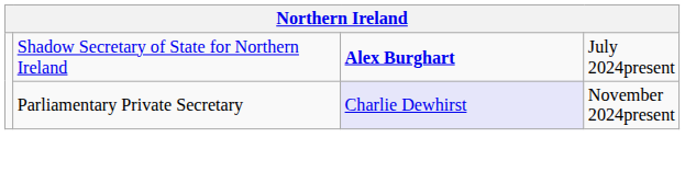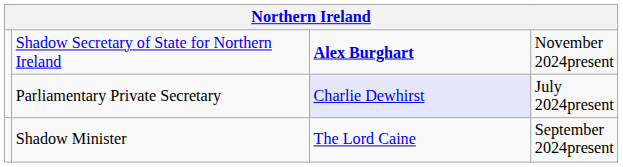 <table class="wikitable">
 <tr>
 <th colspan="4"><a href='#'>Northern Ireland</a></th>
 </tr>
 <tr>
 <td rowspan="2" style="background: "></td>
 <td style="width: 450px;"><a href='#'>Shadow Secretary of State for Northern Ireland</a></td>
 <td style="width: 333px;"><strong><a href='#'>Alex Burghart</a></strong></td>
-<td>July 2024present</td>
+<td>November 2024present</td>
 </tr>
 <tr>
 <td>Parliamentary Private Secretary</td>
 <td style="background: lavender;"><a href='#'>Charlie Dewhirst</a></td>
-<td>November 2024present</td>
+<td>July 2024present</td>
+</tr>
+<tr>
+<td style="background: "></td>
+<td>Shadow Minister</td>
+<td><a href='#'>The Lord Caine</a></td>
+<td>September 2024present</td>
 </tr>
 </table>
